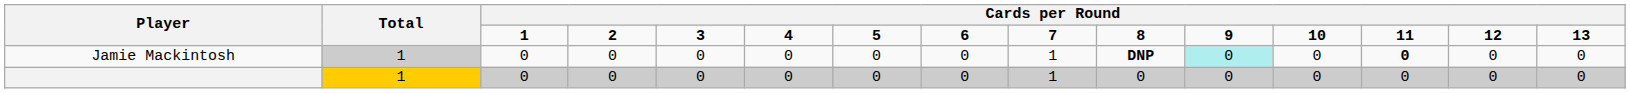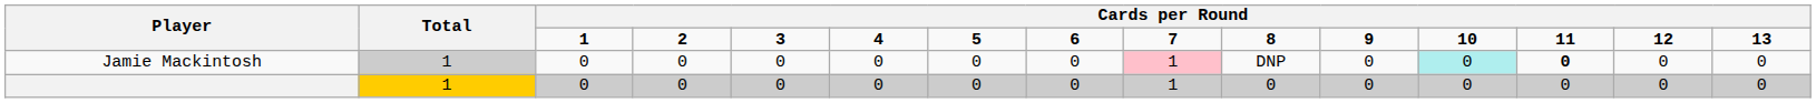 <table class="wikitable" style="text-align:center; line-height: 90%; font-size:90%;" width=80%>
 <tr>
 <th rowspan=2 width=18%>Player</th>
 <th rowspan=2 width=9%>Total</th>
 <th colspan=13>Cards per Round</th>
 </tr>
 <tr>
 <td width=5%><strong>1</strong></td>
 <td width=5%><strong>2</strong></td>
 <td width=5%><strong>3</strong></td>
 <td width=5%><strong>4</strong></td>
 <td width=5%><strong>5</strong></td>
 <td width=5%><strong>6</strong></td>
 <td width=5%><strong>7</strong></td>
 <td width=5%><strong>8</strong></td>
 <td width=5%><strong>9</strong></td>
 <td width=5%><strong>10</strong></td>
 <td width=5%><strong>11</strong></td>
 <td width=5%><strong>12</strong></td>
 <td width=5%><strong>13</strong></td>
 </tr>
 <tr>
 <td>Jamie Mackintosh</td>
 <td bgcolor=#cccccc>1</td>
 <td>0</td>
 <td>0</td>
 <td>0</td>
 <td>0</td>
 <td>0</td>
 <td>0</td>
-<td>1</td>
-<td><strong>DNP</strong></td>
+<td style="background: pink;">1</td>
+<td>DNP</td>
+<td>0</td>
 <td style="background: paleturquoise;">0</td>
-<td>0</td>
 <td><strong>0</strong></td>
 <td>0</td>
 <td>0</td>
 </tr>
 <tr>
 <th></th>
 <td bgcolor=#ffcc00>1</td>
 <td bgcolor=#cccccc>0</td>
 <td bgcolor=#cccccc>0</td>
 <td bgcolor=#cccccc>0</td>
 <td bgcolor=#cccccc>0</td>
 <td bgcolor=#cccccc>0</td>
 <td bgcolor=#cccccc>0</td>
 <td bgcolor=#cccccc>1</td>
 <td bgcolor=#cccccc>0</td>
 <td bgcolor=#cccccc>0</td>
 <td bgcolor=#cccccc>0</td>
 <td bgcolor=#cccccc>0</td>
 <td bgcolor=#cccccc>0</td>
 <td bgcolor=#cccccc>0</td>
 </tr>
 </table>
